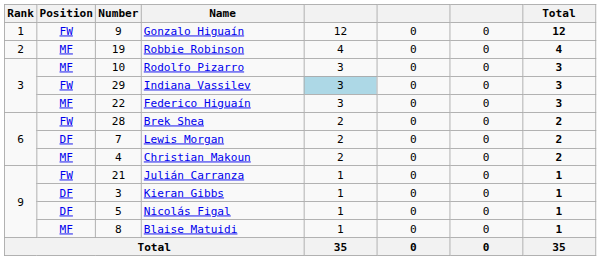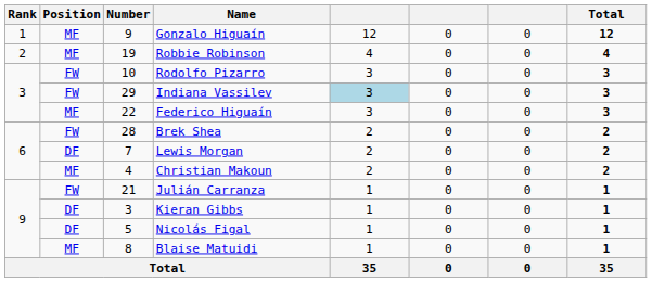 <table class="wikitable" style="font-size: 95%; text-align: center;">
 <tr>
 <th width=30>Rank</th>
 <th width=30>Position</th>
 <th width=30>Number</th>
 <th width=175>Name</th>
 <th width=75></th>
 <th width=75></th>
 <th width=75></th>
 <th width=75><strong>Total</strong></th>
 </tr>
 <tr>
 <td rowspan="1">1</td>
-<td><a href='#'>FW</a></td>
+<td><a href='#'>MF</a></td>
 <td>9</td>
 <td align="left"> <a href='#'>Gonzalo Higuaín</a></td>
 <td>12</td>
 <td>0</td>
 <td>0</td>
 <td><strong>12</strong></td>
 </tr>
 <tr>
 <td>2</td>
 <td><a href='#'>MF</a></td>
 <td>19</td>
 <td align="left"> <a href='#'>Robbie Robinson</a></td>
 <td>4</td>
 <td>0</td>
 <td>0</td>
 <td><strong>4</strong></td>
 </tr>
 <tr>
 <td rowspan="3">3</td>
-<td><a href='#'>MF</a></td>
+<td><a href='#'>FW</a></td>
 <td>10</td>
 <td align="left"> <a href='#'>Rodolfo Pizarro</a></td>
 <td>3</td>
 <td>0</td>
 <td>0</td>
 <td><strong>3</strong></td>
 </tr>
 <tr>
 <td><a href='#'>FW</a></td>
 <td>29</td>
 <td align="left"> <a href='#'>Indiana Vassilev</a></td>
 <td style="background: lightblue;">3</td>
 <td>0</td>
 <td>0</td>
 <td><strong>3</strong></td>
 </tr>
 <tr>
 <td><a href='#'>MF</a></td>
 <td>22</td>
 <td align="left"> <a href='#'>Federico Higuaín</a></td>
 <td>3</td>
 <td>0</td>
 <td>0</td>
 <td><strong>3</strong></td>
 </tr>
 <tr>
 <td rowspan="3">6</td>
 <td><a href='#'>FW</a></td>
 <td>28</td>
 <td align="left"> <a href='#'>Brek Shea</a></td>
 <td>2</td>
 <td>0</td>
 <td>0</td>
 <td><strong>2</strong></td>
 </tr>
 <tr>
 <td><a href='#'>DF</a></td>
 <td>7</td>
 <td align="left"> <a href='#'>Lewis Morgan</a></td>
 <td>2</td>
 <td>0</td>
 <td>0</td>
 <td><strong>2</strong></td>
 </tr>
 <tr>
 <td><a href='#'>MF</a></td>
 <td>4</td>
 <td align="left"> <a href='#'>Christian Makoun</a></td>
 <td>2</td>
 <td>0</td>
 <td>0</td>
 <td><strong>2</strong></td>
 </tr>
 <tr>
 <td rowspan="4">9</td>
 <td><a href='#'>FW</a></td>
 <td>21</td>
 <td align="left"> <a href='#'>Julián Carranza</a></td>
 <td>1</td>
 <td>0</td>
 <td>0</td>
 <td><strong>1</strong></td>
 </tr>
 <tr>
 <td><a href='#'>DF</a></td>
 <td>3</td>
 <td align="left"> <a href='#'>Kieran Gibbs</a></td>
 <td>1</td>
 <td>0</td>
 <td>0</td>
 <td><strong>1</strong></td>
 </tr>
 <tr>
 <td><a href='#'>DF</a></td>
 <td>5</td>
 <td align="left"> <a href='#'>Nicolás Figal</a></td>
 <td>1</td>
 <td>0</td>
 <td>0</td>
 <td><strong>1</strong></td>
 </tr>
 <tr>
 <td><a href='#'>MF</a></td>
 <td>8</td>
 <td align="left"> <a href='#'>Blaise Matuidi</a></td>
 <td>1</td>
 <td>0</td>
 <td>0</td>
 <td><strong>1</strong></td>
 </tr>
 <tr>
 <th colspan="4">Total</th>
 <th>35</th>
 <th>0</th>
 <th>0</th>
 <th>35</th>
 </tr>
 </table>
